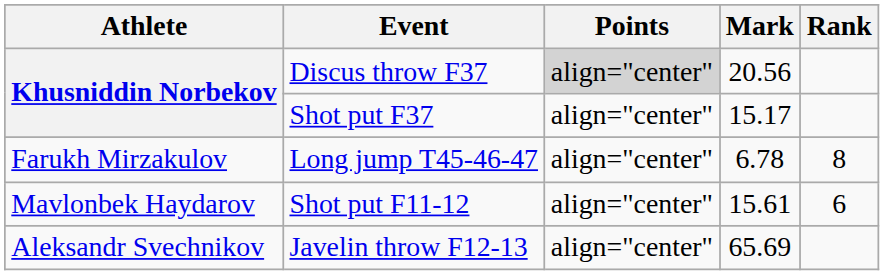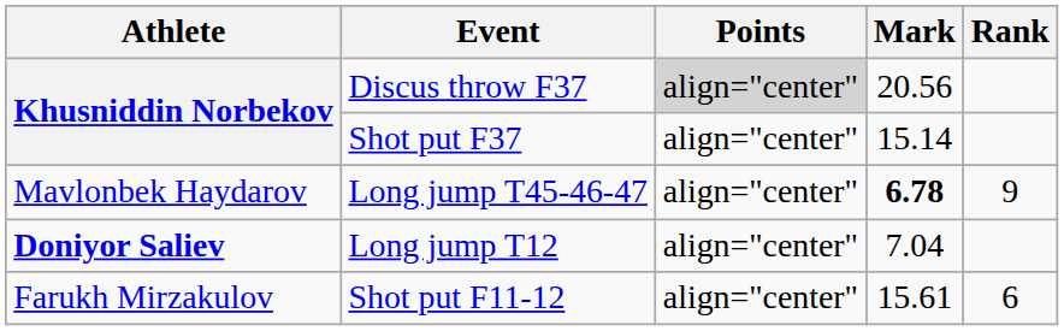 <table class=wikitable>
 <tr>
 <th>Athlete</th>
 <th>Event</th>
 <th>Points</th>
 <th>Mark</th>
 <th>Rank</th>
 </tr>
 <tr>
 <th rowspan="2"><strong><a href='#'>Khusniddin Norbekov</a></strong></th>
 <td><a href='#'>Discus throw F37</a></td>
 <td style="background: lightgrey;">align="center" </td>
 <td align="center">20.56</td>
 <td align="center"></td>
 </tr>
 <tr>
 <td><a href='#'>Shot put F37</a></td>
 <td>align="center" </td>
-<td align="center">15.17</td>
+<td align="center">15.14</td>
+<td align="center"></td>
+</tr>
+<tr>
+<td><a href='#'>Mavlonbek Haydarov</a></td>
+<td><a href='#'>Long jump T45-46-47</a></td>
+<td>align="center" </td>
+<td align="center"><strong>6.78</strong></td>
+<td align="center">9</td>
+</tr>
+<tr>
+<td><strong><a href='#'>Doniyor Saliev</a></strong></td>
+<td><a href='#'>Long jump T12</a></td>
+<td>align="center" </td>
+<td align="center">7.04</td>
 <td align="center"></td>
 </tr>
 <tr>
 <td><a href='#'>Farukh Mirzakulov</a></td>
-<td><a href='#'>Long jump T45-46-47</a></td>
-<td>align="center" </td>
-<td align="center">6.78</td>
-<td align="center">8</td>
-</tr>
-<tr>
-<td><a href='#'>Mavlonbek Haydarov</a></td>
 <td><a href='#'>Shot put F11-12</a></td>
 <td>align="center" </td>
 <td align="center">15.61</td>
 <td align="center">6</td>
 </tr>
-<tr>
-<td><a href='#'>Aleksandr Svechnikov</a></td>
-<td><a href='#'>Javelin throw F12-13</a></td>
-<td>align="center" </td>
-<td align="center">65.69</td>
-<td align="center"></td>
-</tr>
 </table>
